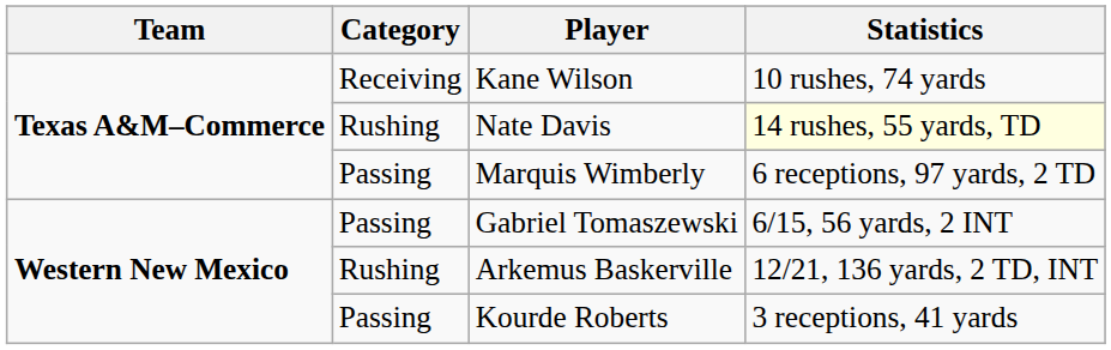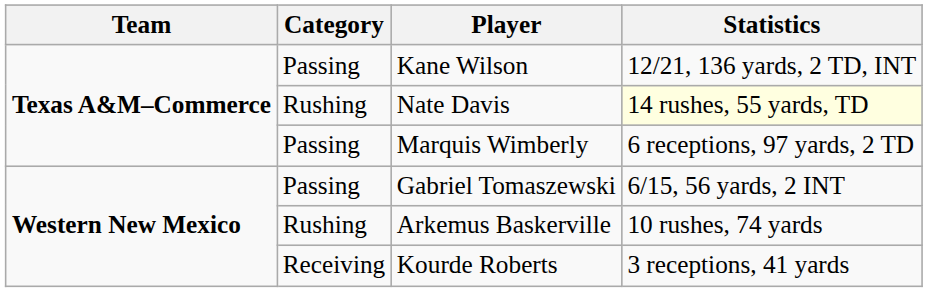 <table class="wikitable" style="float: right;">
 <tr>
 <th>Team</th>
 <th>Category</th>
 <th>Player</th>
 <th>Statistics</th>
 </tr>
 <tr>
 <td rowspan=3><strong>Texas A&M–Commerce</strong></td>
-<td>Receiving</td>
+<td>Passing</td>
 <td>Kane Wilson</td>
-<td>10 rushes, 74 yards</td>
+<td>12/21, 136 yards, 2 TD, INT</td>
 </tr>
 <tr>
 <td>Rushing</td>
 <td>Nate Davis</td>
 <td style="background: lightyellow;">14 rushes, 55 yards, TD</td>
 </tr>
 <tr>
 <td>Passing</td>
 <td>Marquis Wimberly</td>
 <td>6 receptions, 97 yards, 2 TD</td>
 </tr>
 <tr>
 <td rowspan=3><strong>Western New Mexico</strong></td>
 <td>Passing</td>
 <td>Gabriel Tomaszewski</td>
 <td>6/15, 56 yards, 2 INT</td>
 </tr>
 <tr>
 <td>Rushing</td>
 <td>Arkemus Baskerville</td>
-<td>12/21, 136 yards, 2 TD, INT</td>
+<td>10 rushes, 74 yards</td>
 </tr>
 <tr>
-<td>Passing</td>
+<td>Receiving</td>
 <td>Kourde Roberts</td>
 <td>3 receptions, 41 yards</td>
 </tr>
 </table>
